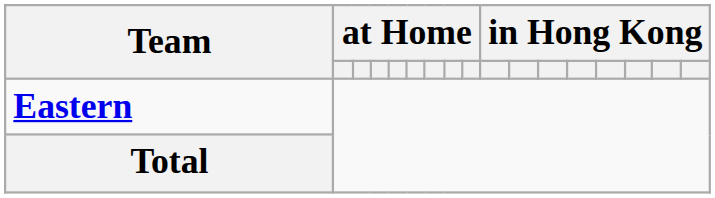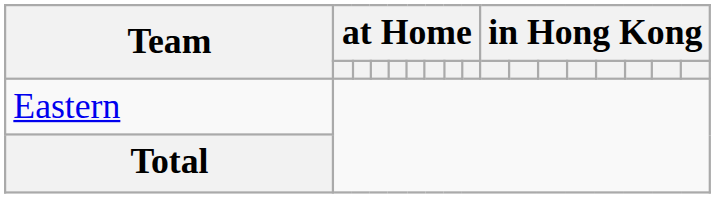 <table class="wikitable plainrowheaders sortable">
 <tr>
 <th width=140px rowspan=2>Team</th>
 <th colspan=8>at Home</th>
 <th colspan=8>in Hong Kong</th>
 </tr>
 <tr>
 <th></th>
 <th></th>
 <th></th>
 <th></th>
 <th></th>
 <th></th>
 <th></th>
 <th></th>
 <th></th>
 <th></th>
 <th></th>
 <th></th>
 <th></th>
 <th></th>
 <th></th>
 <th></th>
 </tr>
 <tr>
-<td><strong><a href='#'>Eastern</a><br> </strong></td>
+<td><a href='#'>Eastern</a><br> </td>
 </tr>
 <tr class="sortbottom">
 <th>Total<br> </th>
 </tr>
 </table>
